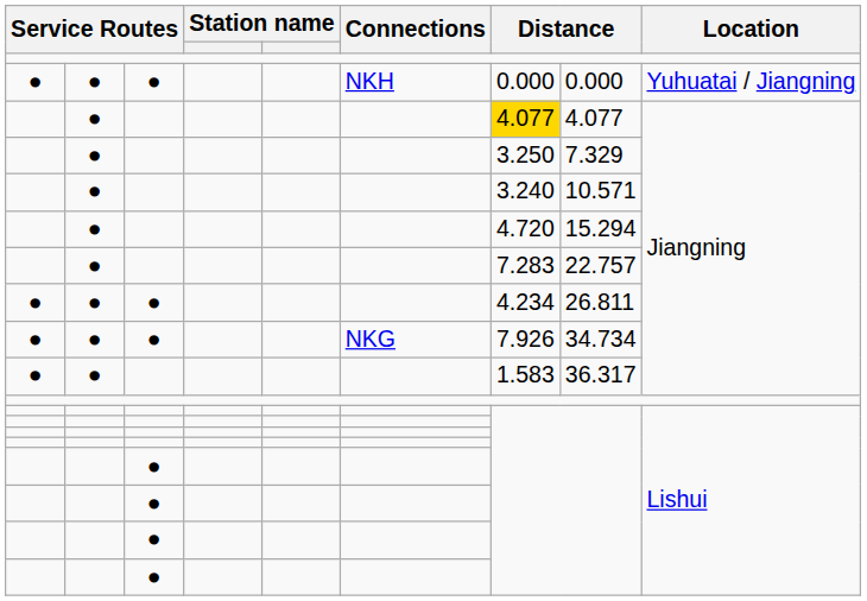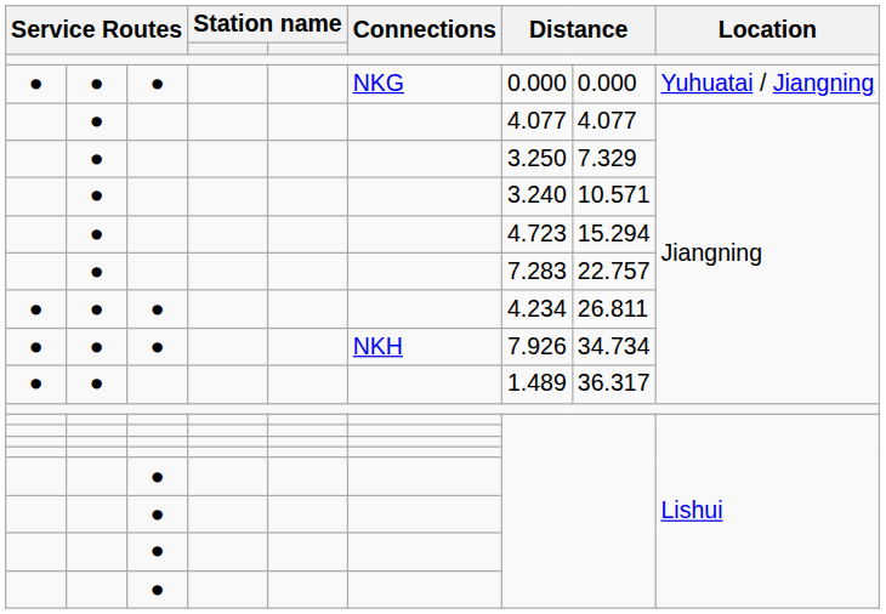 <table class="wikitable">
 <tr>
 <th colspan="3" rowspan="2">Service Routes</th>
 <th colspan="2">Station name</th>
 <th rowspan="2">Connections</th>
 <th colspan="2" rowspan="2">Distance<br></th>
 <th rowspan="2">Location</th>
 </tr>
 <tr>
 <th></th>
 <th></th>
 </tr>
 <tr style="background:#">
 <td colspan="10"></td>
 </tr>
 <tr>
 <td align="center">●</td>
 <td align="center">●</td>
 <td align="center">●</td>
 <td></td>
 <td></td>
-<td>     <a href='#'>NKH</a></td>
+<td>  <a href='#'>NKG</a></td>
 <td>0.000</td>
 <td>0.000</td>
 <td><a href='#'>Yuhuatai</a> / <a href='#'>Jiangning</a></td>
 </tr>
 <tr>
 <td align="center"></td>
 <td align="center">●</td>
 <td align="center"></td>
 <td></td>
 <td></td>
 <td></td>
-<td style="background: gold;">4.077</td>
+<td>4.077</td>
 <td>4.077</td>
 <td style = "border-bottom:solid 0;" rowspan="8">Jiangning</td>
 </tr>
 <tr>
 <td align="center"></td>
 <td align="center">●</td>
 <td align="center"></td>
 <td></td>
 <td></td>
 <td></td>
 <td>3.250</td>
 <td>7.329</td>
 </tr>
 <tr>
 <td align="center"></td>
 <td align="center">●</td>
 <td align="center"></td>
 <td></td>
 <td></td>
 <td></td>
 <td>3.240</td>
 <td>10.571</td>
 </tr>
 <tr>
 <td align="center"></td>
 <td align="center">●</td>
 <td align="center"></td>
 <td></td>
 <td></td>
 <td></td>
-<td>4.720</td>
+<td>4.723</td>
 <td>15.294</td>
 </tr>
 <tr>
 <td align="center"></td>
 <td align="center">●</td>
 <td align="center"></td>
 <td></td>
 <td></td>
 <td></td>
 <td>7.283</td>
 <td>22.757</td>
 </tr>
 <tr>
 <td align="center">●</td>
 <td align="center">●</td>
 <td align="center">●</td>
 <td></td>
 <td></td>
 <td></td>
 <td>4.234</td>
 <td>26.811</td>
 </tr>
 <tr>
 <td align="center">●</td>
 <td align="center">●</td>
 <td align="center">●</td>
 <td></td>
 <td></td>
-<td>  <a href='#'>NKG</a></td>
+<td>     <a href='#'>NKH</a></td>
 <td>7.926</td>
 <td>34.734</td>
 </tr>
 <tr>
 <td align="center">●</td>
 <td align="center" style = "border-bottom:solid 0;">●</td>
 <td align="center"></td>
 <td></td>
 <td></td>
 <td></td>
-<td>1.583</td>
+<td>1.489</td>
 <td>36.317</td>
 </tr>
 <tr style="background:#">
 <td colspan="10"></td>
 </tr>
 <tr>
 <td></td>
 <td align="center" style="border-top:solid 0;"></td>
 <td align="center"></td>
 <td></td>
 <td></td>
 <td></td>
 <td colspan="2" rowspan="8"></td>
 <td rowspan="8" style="border-top:solid 0;"><a href='#'>Lishui</a></td>
 </tr>
 <tr>
 <td></td>
 <td align="center"></td>
 <td align="center"></td>
 <td></td>
 <td></td>
 <td></td>
 </tr>
 <tr>
 <td></td>
 <td align="center"></td>
 <td align="center"></td>
 <td></td>
 <td></td>
 <td></td>
 </tr>
 <tr>
 <td></td>
 <td align="center"></td>
 <td align="center"></td>
 <td></td>
 <td></td>
 <td></td>
 </tr>
 <tr>
 <td></td>
 <td align="center"></td>
 <td align="center">●</td>
 <td></td>
 <td></td>
 <td></td>
 </tr>
 <tr>
 <td></td>
 <td align="center"></td>
 <td align="center">●</td>
 <td></td>
 <td></td>
 <td></td>
 </tr>
 <tr>
 <td></td>
 <td align="center"></td>
 <td align="center">●</td>
 <td></td>
 <td></td>
 <td></td>
 </tr>
 <tr>
 <td></td>
 <td align="center"></td>
 <td align="center">●</td>
 <td></td>
 <td></td>
 <td></td>
 </tr>
 </table>
